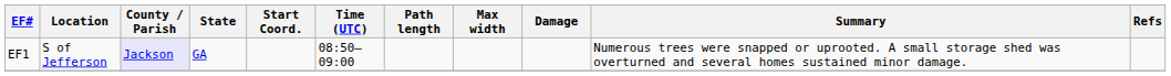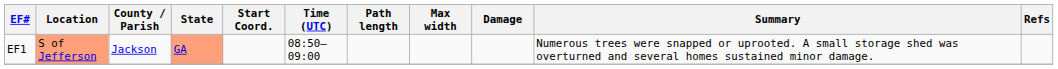 <table class="wikitable sortable" style="width:100%;">
 <tr>
 <th scope="col"  style="width:3%; text-align:center;"><a href='#'>EF#</a></th>
 <th scope="col"  style="width:7%; text-align:center;" class="unsortable">Location</th>
 <th scope="col"  style="width:6%; text-align:center;" class="unsortable">County / Parish</th>
 <th scope="col"  style="width:5%; text-align:center;">State</th>
 <th scope="col"  style="width:6%; text-align:center;">Start Coord.</th>
 <th scope="col"  style="width:6%; text-align:center;">Time (<a href='#'>UTC</a>)</th>
 <th scope="col"  style="width:6%; text-align:center;">Path length</th>
 <th scope="col"  style="width:6%; text-align:center;">Max width</th>
 <th scope="col"  style="width:6%; text-align:center;">Damage</th>
 <th scope="col" class="unsortable" style="width:48%; text-align:center;">Summary</th>
 <th scope="col" class="unsortable" style="width:48%; text-align:center;">Refs</th>
 </tr>
 <tr>
 <td>EF1</td>
-<td>S of <a href='#'>Jefferson</a></td>
-<td style="background: lavender;"><a href='#'>Jackson</a></td>
-<td><a href='#'>GA</a></td>
+<td style="background: lightsalmon;">S of <a href='#'>Jefferson</a></td>
+<td><a href='#'>Jackson</a></td>
+<td style="background: lightsalmon;"><a href='#'>GA</a></td>
 <td></td>
 <td>08:50–09:00</td>
 <td></td>
 <td></td>
 <td></td>
 <td>Numerous trees were snapped or uprooted. A small storage shed was overturned and several homes sustained minor damage.</td>
 <td></td>
 </tr>
 <tr>
 </tr>
 </table>
